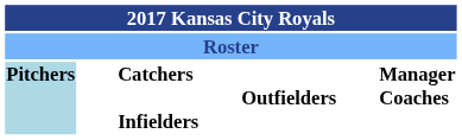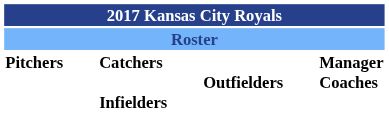 <table class="toccolours" style="font-size: 95%;">
 <tr>
 <th colspan="10" style="background-color: #27408B; color: #FFFFFF; text-align: center;">2017 Kansas City Royals</th>
 </tr>
 <tr>
 <td colspan="10" style="background-color: #74B4FA; color: #27408B; text-align: center;"><strong>Roster</strong></td>
 </tr>
 <tr>
-<td valign="top" style="background: lightblue;"><strong>Pitchers</strong><br>                            </td>
+<td valign="top"><strong>Pitchers</strong><br>                            </td>
 <td width="25px"></td>
 <td valign="top"><strong>Catchers</strong><br>  <br><strong>Infielders</strong>         </td>
 <td width="25px"></td>
 <td valign="top"><br><strong>Outfielders</strong>        </td>
 <td width="25px"></td>
 <td valign="top"><strong>Manager</strong><br> <strong>Coaches</strong>                  </td>
 </tr>
 </table>
